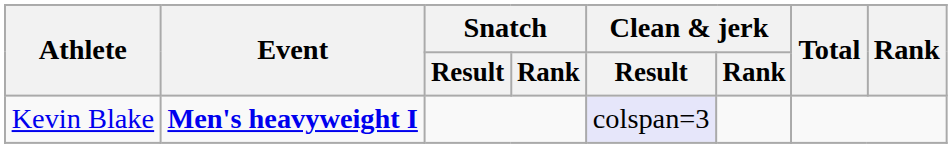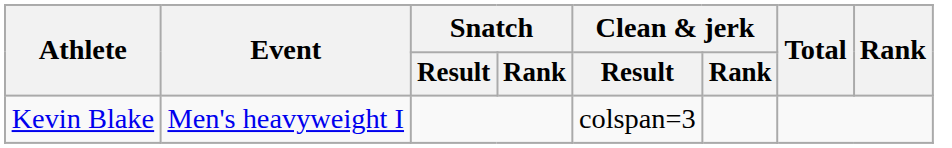 <table class="wikitable" style="font-size:90%">
 <tr>
 <th rowspan="2">Athlete</th>
 <th rowspan="2">Event</th>
 <th colspan="2">Snatch</th>
 <th colspan="2">Clean & jerk</th>
 <th rowspan="2">Total</th>
 <th rowspan="2">Rank</th>
 </tr>
 <tr style="font-size:95%">
 <th>Result</th>
 <th>Rank</th>
 <th>Result</th>
 <th>Rank</th>
 </tr>
 <tr align=center>
 <td align=left><a href='#'>Kevin Blake</a></td>
-<td align=left><strong><a href='#'>Men's heavyweight I</a></strong></td>
+<td align=left><a href='#'>Men's heavyweight I</a></td>
 <td colspan=2></td>
-<td style="background: lavender;">colspan=3 </td>
+<td>colspan=3 </td>
 <td></td>
 </tr>
 </table>
